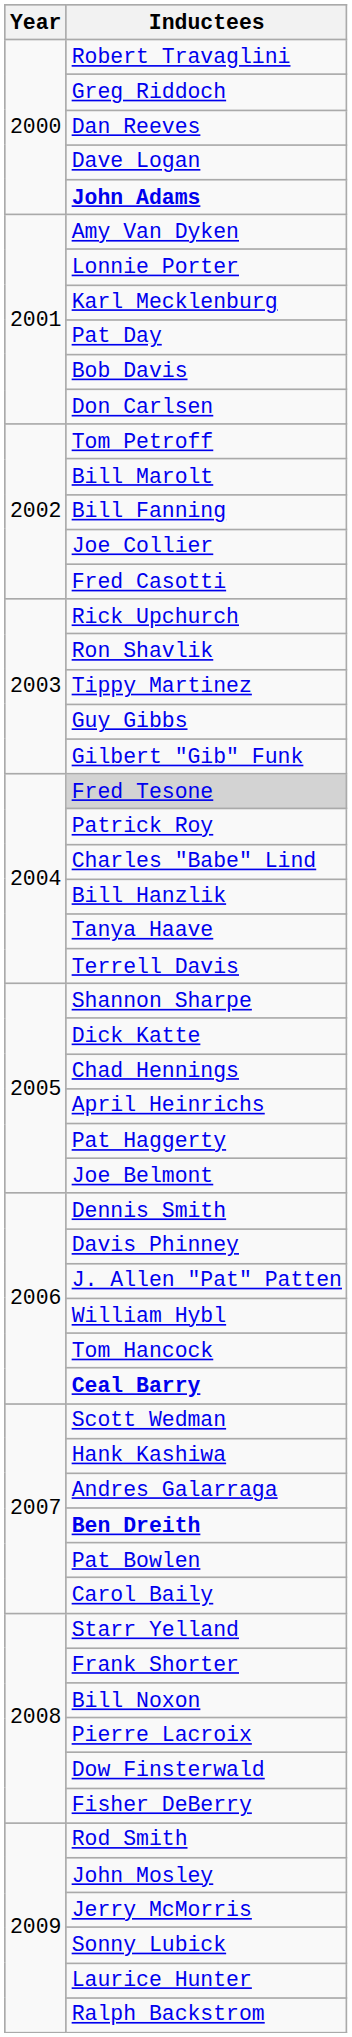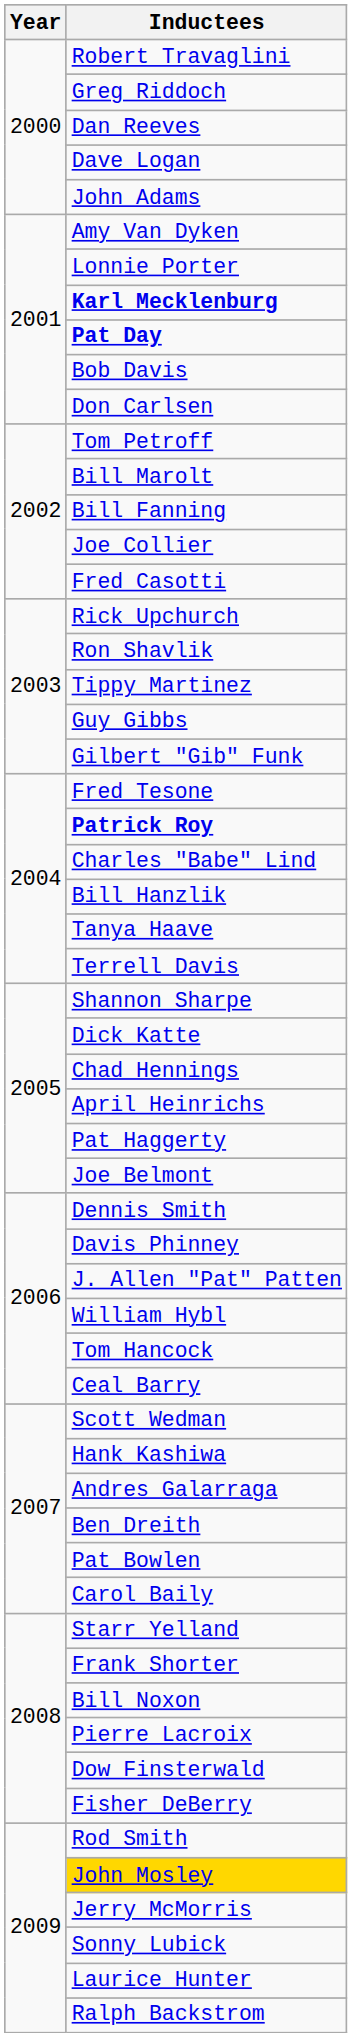 <table class="wikitable">
 <tr>
 <th>Year</th>
 <th colspan="6">Inductees</th>
 </tr>
 <tr>
 <td rowspan="5">2000</td>
 <td><a href='#'>Robert Travaglini</a></td>
 </tr>
 <tr>
 <td><a href='#'>Greg Riddoch</a></td>
 </tr>
 <tr>
 <td><a href='#'>Dan Reeves</a></td>
 </tr>
 <tr>
 <td><a href='#'>Dave Logan</a></td>
 </tr>
 <tr>
-<td><strong><a href='#'>John Adams</a></strong></td>
+<td><a href='#'>John Adams</a></td>
 </tr>
 <tr>
 <td rowspan="6">2001</td>
 <td><a href='#'>Amy Van Dyken</a></td>
 </tr>
 <tr>
 <td><a href='#'>Lonnie Porter</a></td>
 </tr>
 <tr>
-<td><a href='#'>Karl Mecklenburg</a></td>
+<td><strong><a href='#'>Karl Mecklenburg</a></strong></td>
 </tr>
 <tr>
-<td><a href='#'>Pat Day</a></td>
+<td><strong><a href='#'>Pat Day</a></strong></td>
 </tr>
 <tr>
 <td><a href='#'>Bob Davis</a></td>
 </tr>
 <tr>
 <td><a href='#'>Don Carlsen</a></td>
 </tr>
 <tr>
 <td rowspan="5">2002</td>
 <td><a href='#'>Tom Petroff</a></td>
 </tr>
 <tr>
 <td><a href='#'>Bill Marolt</a></td>
 </tr>
 <tr>
 <td><a href='#'>Bill Fanning</a></td>
 </tr>
 <tr>
 <td><a href='#'>Joe Collier</a></td>
 </tr>
 <tr>
 <td><a href='#'>Fred Casotti</a></td>
 </tr>
 <tr>
 <td rowspan="5">2003</td>
 <td><a href='#'>Rick Upchurch</a></td>
 </tr>
 <tr>
 <td><a href='#'>Ron Shavlik</a></td>
 </tr>
 <tr>
 <td><a href='#'>Tippy Martinez</a></td>
 </tr>
 <tr>
 <td><a href='#'>Guy Gibbs</a></td>
 </tr>
 <tr>
 <td><a href='#'>Gilbert "Gib" Funk</a></td>
 </tr>
 <tr>
 <td rowspan="6">2004</td>
-<td style="background: lightgrey;"><a href='#'>Fred Tesone</a></td>
+<td><a href='#'>Fred Tesone</a></td>
 </tr>
 <tr>
-<td><a href='#'>Patrick Roy</a></td>
+<td><strong><a href='#'>Patrick Roy</a></strong></td>
 </tr>
 <tr>
 <td><a href='#'>Charles "Babe" Lind</a></td>
 </tr>
 <tr>
 <td><a href='#'>Bill Hanzlik</a></td>
 </tr>
 <tr>
 <td><a href='#'>Tanya Haave</a></td>
 </tr>
 <tr>
 <td><a href='#'>Terrell Davis</a></td>
 </tr>
 <tr>
 <td rowspan="6">2005</td>
 <td><a href='#'>Shannon Sharpe</a></td>
 </tr>
 <tr>
 <td><a href='#'>Dick Katte</a></td>
 </tr>
 <tr>
 <td><a href='#'>Chad Hennings</a></td>
 </tr>
 <tr>
 <td><a href='#'>April Heinrichs</a></td>
 </tr>
 <tr>
 <td><a href='#'>Pat Haggerty</a></td>
 </tr>
 <tr>
 <td><a href='#'>Joe Belmont</a></td>
 </tr>
 <tr>
 <td rowspan="6">2006</td>
 <td><a href='#'>Dennis Smith</a></td>
 </tr>
 <tr>
 <td><a href='#'>Davis Phinney</a></td>
 </tr>
 <tr>
 <td><a href='#'>J. Allen "Pat" Patten</a></td>
 </tr>
 <tr>
 <td><a href='#'>William Hybl</a></td>
 </tr>
 <tr>
 <td><a href='#'>Tom Hancock</a></td>
 </tr>
 <tr>
-<td><strong><a href='#'>Ceal Barry</a></strong></td>
+<td><a href='#'>Ceal Barry</a></td>
 </tr>
 <tr>
 <td rowspan="6">2007</td>
 <td><a href='#'>Scott Wedman</a></td>
 </tr>
 <tr>
 <td><a href='#'>Hank Kashiwa</a></td>
 </tr>
 <tr>
 <td><a href='#'>Andres Galarraga</a></td>
 </tr>
 <tr>
-<td><strong><a href='#'>Ben Dreith</a></strong></td>
+<td><a href='#'>Ben Dreith</a></td>
 </tr>
 <tr>
 <td><a href='#'>Pat Bowlen</a></td>
 </tr>
 <tr>
 <td><a href='#'>Carol Baily</a></td>
 </tr>
 <tr>
 <td rowspan="6">2008</td>
 <td><a href='#'>Starr Yelland</a></td>
 </tr>
 <tr>
 <td><a href='#'>Frank Shorter</a></td>
 </tr>
 <tr>
 <td><a href='#'>Bill Noxon</a></td>
 </tr>
 <tr>
 <td><a href='#'>Pierre Lacroix</a></td>
 </tr>
 <tr>
 <td><a href='#'>Dow Finsterwald</a></td>
 </tr>
 <tr>
 <td><a href='#'>Fisher DeBerry</a></td>
 </tr>
 <tr>
 <td rowspan="6">2009</td>
 <td><a href='#'>Rod Smith</a></td>
 </tr>
 <tr>
-<td><a href='#'>John Mosley</a></td>
+<td style="background: gold;"><a href='#'>John Mosley</a></td>
 </tr>
 <tr>
 <td><a href='#'>Jerry McMorris</a></td>
 </tr>
 <tr>
 <td><a href='#'>Sonny Lubick</a></td>
 </tr>
 <tr>
 <td><a href='#'>Laurice Hunter</a></td>
 </tr>
 <tr>
 <td><a href='#'>Ralph Backstrom</a></td>
 </tr>
 </table>
